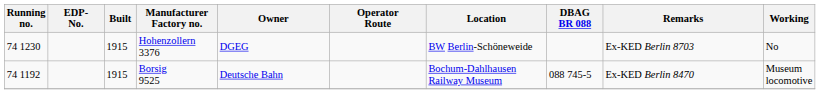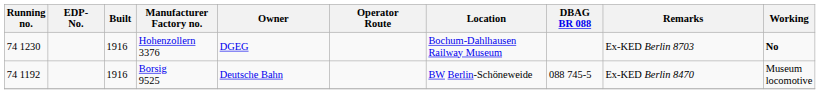 <table class="wikitable" style="width="100%"; border:solid 1px #AAAAAA; background:#e3e3e3;">
 <tr>
 <th width="5%">Running<br>no.</th>
 <th width="7%">EDP-<br>No.</th>
 <th width="4%">Built</th>
 <th width="10%">Manufacturer<br>Factory no.</th>
 <th width="14%">Owner</th>
 <th width="12%”">Operator<br>Route</th>
 <th width="15%">Location</th>
 <th width="7%">DBAG<br><a href='#'>BR 088</a></th>
 <th width="20%">Remarks</th>
 <th width="8%">Working</th>
 </tr>
 <tr>
 <td>74 1230</td>
 <td></td>
-<td>1915</td>
+<td>1916</td>
 <td><a href='#'>Hohenzollern</a><br>3376</td>
 <td><a href='#'>DGEG</a></td>
 <td></td>
-<td><a href='#'>BW</a> <a href='#'>Berlin</a>-Schöneweide</td>
+<td><a href='#'>Bochum-Dahlhausen Railway Museum</a></td>
 <td></td>
 <td>Ex-KED <em>Berlin 8703</em></td>
-<td>No</td>
+<td><strong>No</strong></td>
 </tr>
 <tr>
 <td>74 1192</td>
 <td></td>
-<td>1915</td>
+<td>1916</td>
 <td><a href='#'>Borsig</a><br>9525</td>
 <td><a href='#'>Deutsche Bahn</a></td>
 <td></td>
-<td><a href='#'>Bochum-Dahlhausen Railway Museum</a></td>
+<td><a href='#'>BW</a> <a href='#'>Berlin</a>-Schöneweide</td>
 <td>088 745-5</td>
 <td>Ex-KED <em>Berlin 8470</em></td>
 <td>Museum locomotive</td>
 </tr>
 <tr>
 </tr>
 </table>
